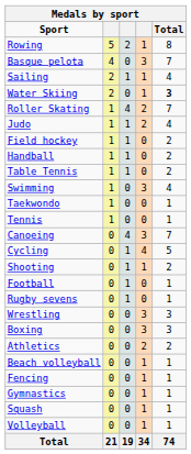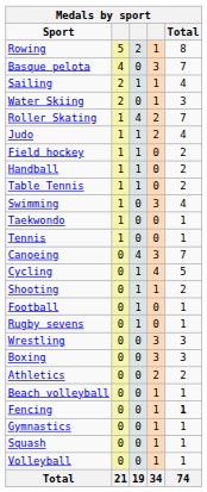 <table class="wikitable" border="1"  style="float:right">
 <tr>
 <th colspan=5>Medals by sport</th>
 </tr>
 <tr align=center>
 <td><strong>Sport</strong></td>
 <th bgcolor=#f7f6a8></th>
 <th bgcolor=#dce5e5></th>
 <th bgcolor=#ffdab9></th>
 <th>Total</th>
 </tr>
 <tr align=center>
 <td align=left><a href='#'>Rowing</a></td>
 <td bgcolor=#f7f6a8>5</td>
 <td bgcolor=#dce5e5>2</td>
 <td bgcolor=#ffdab9>1</td>
 <td>8</td>
 </tr>
 <tr align=center>
 <td align=left><a href='#'>Basque pelota</a></td>
 <td bgcolor=#f7f6a8>4</td>
 <td bgcolor=#dce5e5>0</td>
 <td bgcolor=#ffdab9>3</td>
 <td>7</td>
 </tr>
 <tr align=center>
 <td align=left><a href='#'>Sailing</a></td>
 <td bgcolor=#f7f6a8>2</td>
 <td bgcolor=#dce5e5>1</td>
 <td bgcolor=#ffdab9>1</td>
 <td>4</td>
 </tr>
 <tr align=center>
 <td align=left><a href='#'>Water Skiing</a></td>
 <td bgcolor=#f7f6a8>2</td>
 <td bgcolor=#dce5e5>0</td>
 <td bgcolor=#ffdab9>1</td>
-<td><strong>3</strong></td>
+<td>3</td>
 </tr>
 <tr align=center>
 <td align=left><a href='#'>Roller Skating</a></td>
 <td bgcolor=#f7f6a8>1</td>
 <td bgcolor=#dce5e5>4</td>
 <td bgcolor=#ffdab9>2</td>
 <td>7</td>
 </tr>
 <tr align=center>
 <td align=left><a href='#'>Judo</a></td>
 <td bgcolor=#f7f6a8>1</td>
 <td bgcolor=#dce5e5>1</td>
 <td bgcolor=#ffdab9>2</td>
 <td>4</td>
 </tr>
 <tr align=center>
 <td align=left><a href='#'>Field hockey</a></td>
 <td bgcolor=#f7f6a8>1</td>
 <td bgcolor=#dce5e5>1</td>
 <td bgcolor=#ffdab9>0</td>
 <td>2</td>
 </tr>
 <tr align=center>
 <td align=left><a href='#'>Handball</a></td>
 <td bgcolor=#f7f6a8>1</td>
 <td bgcolor=#dce5e5>1</td>
 <td bgcolor=#ffdab9>0</td>
 <td>2</td>
 </tr>
 <tr align=center>
 <td align=left><a href='#'>Table Tennis</a></td>
 <td bgcolor=#f7f6a8>1</td>
 <td bgcolor=#dce5e5>1</td>
 <td bgcolor=#ffdab9>0</td>
 <td>2</td>
 </tr>
 <tr align=center>
 <td align=left><a href='#'>Swimming</a></td>
 <td bgcolor=#f7f6a8>1</td>
 <td bgcolor=#dce5e5>0</td>
 <td bgcolor=#ffdab9>3</td>
 <td>4</td>
 </tr>
 <tr align=center>
 <td align=left><a href='#'>Taekwondo</a></td>
 <td bgcolor=#f7f6a8>1</td>
 <td bgcolor=#dce5e5>0</td>
 <td bgcolor=#ffdab9>0</td>
 <td>1</td>
 </tr>
 <tr align=center>
 <td align=left><a href='#'>Tennis</a></td>
 <td bgcolor=#f7f6a8>1</td>
 <td bgcolor=#dce5e5>0</td>
 <td bgcolor=#ffdab9>0</td>
 <td>1</td>
 </tr>
 <tr align=center>
 <td align=left><a href='#'>Canoeing</a></td>
 <td bgcolor=#f7f6a8>0</td>
 <td bgcolor=#dce5e5>4</td>
 <td bgcolor=#ffdab9>3</td>
 <td>7</td>
 </tr>
 <tr align=center>
 <td align=left><a href='#'>Cycling</a></td>
 <td bgcolor=#f7f6a8>0</td>
 <td bgcolor=#dce5e5>1</td>
 <td bgcolor=#ffdab9>4</td>
 <td>5</td>
 </tr>
 <tr align=center>
 <td align=left><a href='#'>Shooting</a></td>
 <td bgcolor=#f7f6a8>0</td>
 <td bgcolor=#dce5e5>1</td>
 <td bgcolor=#ffdab9>1</td>
 <td>2</td>
 </tr>
 <tr align=center>
 <td align=left><a href='#'>Football</a></td>
 <td bgcolor=#f7f6a8>0</td>
 <td bgcolor=#dce5e5>1</td>
 <td bgcolor=#ffdab9>0</td>
 <td>1</td>
 </tr>
 <tr align=center>
 <td align=left><a href='#'>Rugby sevens</a></td>
 <td bgcolor=#f7f6a8>0</td>
 <td bgcolor=#dce5e5>1</td>
 <td bgcolor=#ffdab9>0</td>
 <td>1</td>
 </tr>
 <tr align=center>
 <td align=left><a href='#'>Wrestling</a></td>
 <td bgcolor=#f7f6a8>0</td>
 <td bgcolor=#dce5e5>0</td>
 <td bgcolor=#ffdab9>3</td>
 <td>3</td>
 </tr>
 <tr align=center>
 <td align=left><a href='#'>Boxing</a></td>
 <td bgcolor=#f7f6a8>0</td>
 <td bgcolor=#dce5e5>0</td>
 <td bgcolor=#ffdab9>3</td>
 <td>3</td>
 </tr>
 <tr align=center>
 <td align=left><a href='#'>Athletics</a></td>
 <td bgcolor=#f7f6a8>0</td>
 <td bgcolor=#dce5e5>0</td>
 <td bgcolor=#ffdab9>2</td>
 <td>2</td>
 </tr>
 <tr align=center>
 <td align=left><a href='#'>Beach volleyball</a></td>
 <td bgcolor=#f7f6a8>0</td>
 <td bgcolor=#dce5e5>0</td>
 <td bgcolor=#ffdab9>1</td>
 <td>1</td>
 </tr>
 <tr align=center>
 <td align=left><a href='#'>Fencing</a></td>
 <td bgcolor=#f7f6a8>0</td>
 <td bgcolor=#dce5e5>0</td>
 <td bgcolor=#ffdab9>1</td>
-<td>1</td>
+<td><strong>1</strong></td>
 </tr>
 <tr align=center>
 <td align=left><a href='#'>Gymnastics</a></td>
 <td bgcolor=#f7f6a8>0</td>
 <td bgcolor=#dce5e5>0</td>
 <td bgcolor=#ffdab9>1</td>
 <td>1</td>
 </tr>
 <tr align=center>
 <td align=left><a href='#'>Squash</a></td>
 <td bgcolor=#f7f6a8>0</td>
 <td bgcolor=#dce5e5>0</td>
 <td bgcolor=#ffdab9>1</td>
 <td>1</td>
 </tr>
 <tr align=center>
 <td align=left><a href='#'>Volleyball</a></td>
 <td bgcolor=#f7f6a8>0</td>
 <td bgcolor=#dce5e5>0</td>
 <td bgcolor=#ffdab9>1</td>
 <td>1</td>
 </tr>
 <tr align=center>
 <th bgcolor=#efefef>Total</th>
 <th bgcolor=#f7f6a8>21</th>
 <th bgcolor=#dce5e5>19</th>
 <th bgcolor=#ffdab9>34</th>
 <th>74</th>
 </tr>
 </table>
